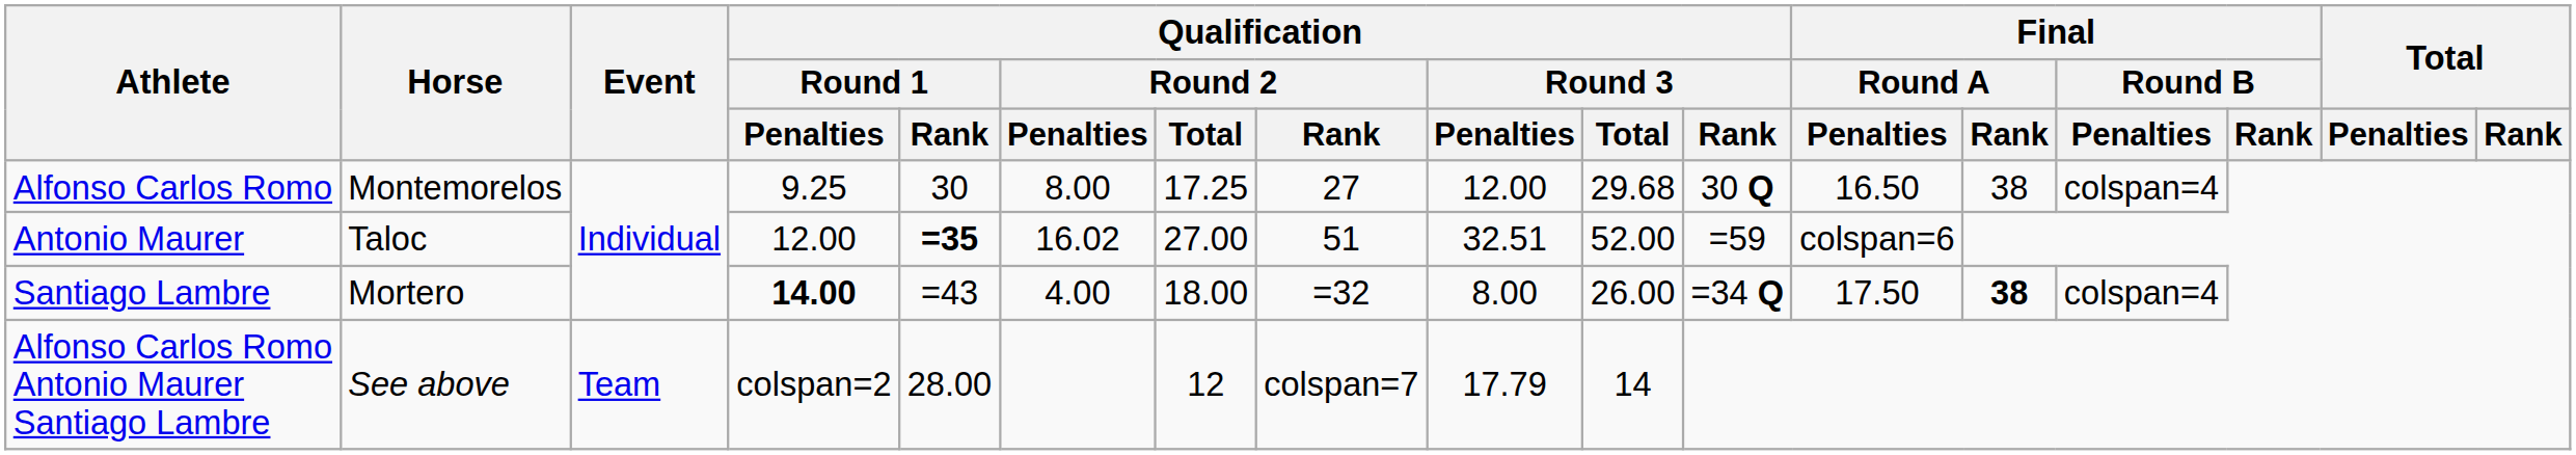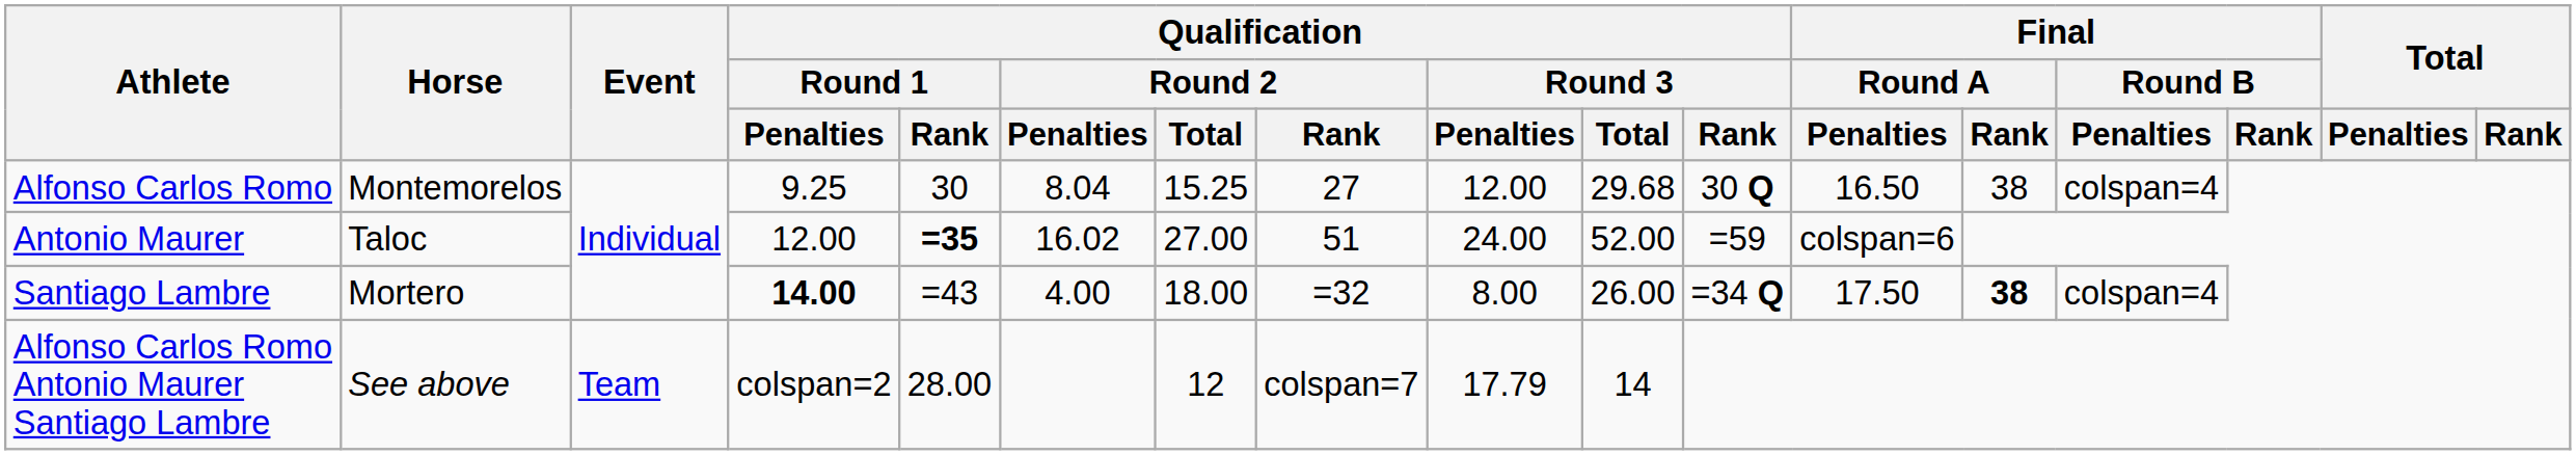 <table class=wikitable style=font-size:90%;text-align:center>
 <tr>
 <th rowspan=3>Athlete</th>
 <th rowspan=3>Horse</th>
 <th rowspan=3>Event</th>
 <th colspan=8>Qualification</th>
 <th colspan=4>Final</th>
 <th rowspan=2 colspan=2>Total</th>
 </tr>
 <tr style=font-size:95%>
 <th colspan=2>Round 1</th>
 <th colspan=3>Round 2</th>
 <th colspan=3>Round 3</th>
 <th colspan=2>Round A</th>
 <th colspan=2>Round B</th>
 </tr>
 <tr style=font-size:95%>
 <th>Penalties</th>
 <th>Rank</th>
 <th>Penalties</th>
 <th>Total</th>
 <th>Rank</th>
 <th>Penalties</th>
 <th>Total</th>
 <th>Rank</th>
 <th>Penalties</th>
 <th>Rank</th>
 <th>Penalties</th>
 <th>Rank</th>
 <th>Penalties</th>
 <th>Rank</th>
 </tr>
 <tr>
 <td align=left><a href='#'>Alfonso Carlos Romo</a></td>
 <td align=left>Montemorelos</td>
 <td align=left rowspan=3><a href='#'>Individual</a></td>
 <td>9.25</td>
 <td>30</td>
-<td>8.00</td>
-<td>17.25</td>
+<td>8.04</td>
+<td>15.25</td>
 <td>27</td>
 <td>12.00</td>
 <td>29.68</td>
 <td>30 <strong>Q</strong></td>
 <td>16.50</td>
 <td>38</td>
 <td>colspan=4 </td>
 </tr>
 <tr>
 <td align=left><a href='#'>Antonio Maurer</a></td>
 <td align=left>Taloc</td>
 <td>12.00</td>
 <td><strong>=35</strong></td>
 <td>16.02</td>
 <td>27.00</td>
 <td>51</td>
-<td>32.51</td>
+<td>24.00</td>
 <td>52.00</td>
 <td>=59</td>
 <td>colspan=6 </td>
 </tr>
 <tr>
 <td align=left><a href='#'>Santiago Lambre</a></td>
 <td align=left>Mortero</td>
 <td><strong>14.00</strong></td>
 <td>=43</td>
 <td>4.00</td>
 <td>18.00</td>
 <td>=32</td>
 <td>8.00</td>
 <td>26.00</td>
 <td>=34 <strong>Q</strong></td>
 <td>17.50</td>
 <td><strong>38</strong></td>
 <td>colspan=4 </td>
 </tr>
 <tr>
 <td align=left><a href='#'>Alfonso Carlos Romo</a><br><a href='#'>Antonio Maurer</a><br><a href='#'>Santiago Lambre</a></td>
 <td align=left><em>See above</em></td>
 <td align=left><a href='#'>Team</a></td>
 <td>colspan=2 </td>
 <td>28.00</td>
 <td></td>
 <td>12</td>
 <td>colspan=7 </td>
 <td>17.79</td>
 <td>14</td>
 </tr>
 </table>
